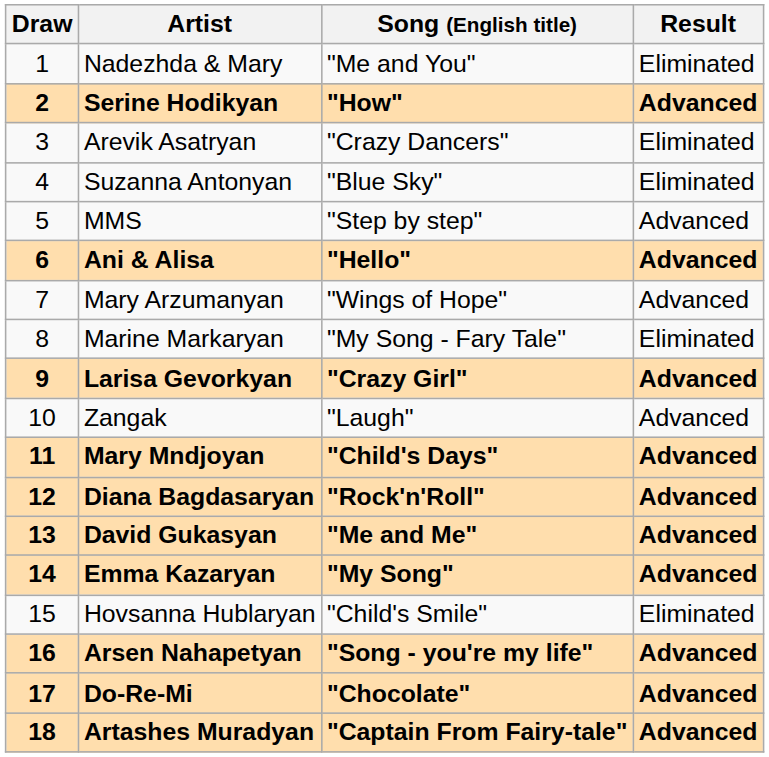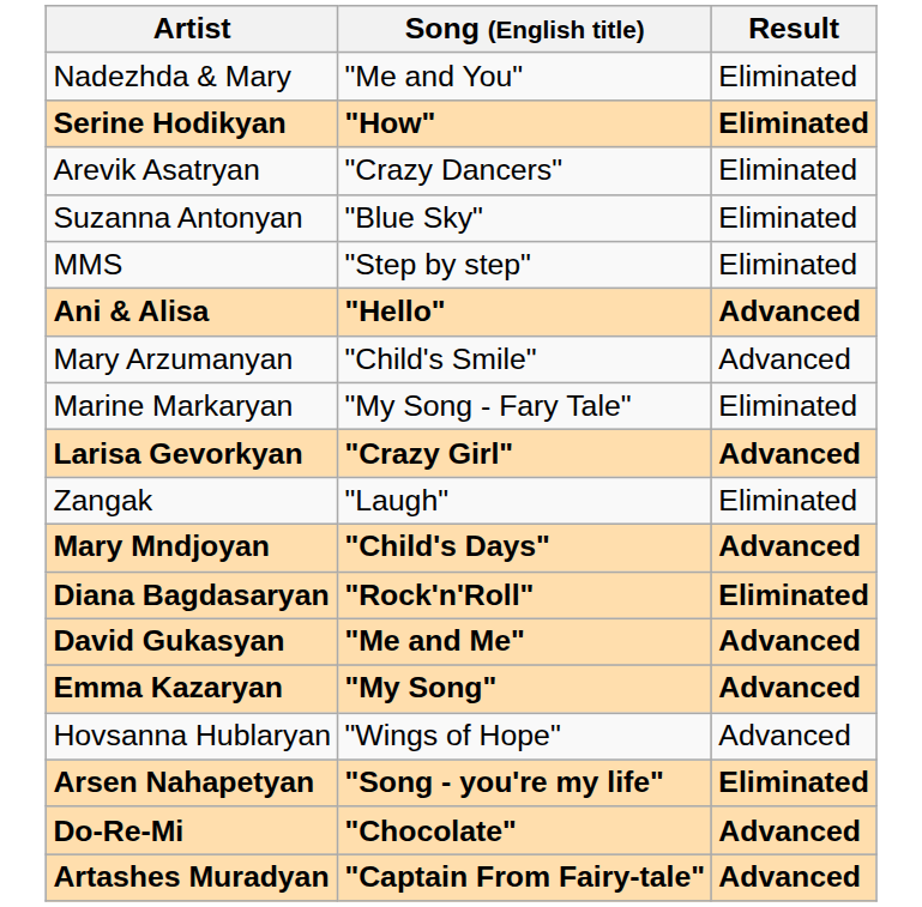 <table class="sortable wikitable" style="margin: 1em auto 1em auto">
 <tr>
-<th>Draw</th>
 <th>Artist</th>
 <th>Song <small>(English title)</small></th>
 <th>Result</th>
 </tr>
 <tr>
-<td style="text-align:center;">1</td>
 <td>Nadezhda & Mary</td>
 <td>"Me and You"</td>
 <td>Eliminated</td>
 </tr>
 <tr style="font-weight:bold;background:navajowhite">
-<td style="text-align:center;">2</td>
 <td>Serine Hodikyan</td>
 <td>"How"</td>
-<td>Advanced</td>
+<td>Eliminated</td>
 </tr>
 <tr>
-<td style="text-align:center;">3</td>
 <td>Arevik Asatryan</td>
 <td>"Crazy Dancers"</td>
 <td>Eliminated</td>
 </tr>
 <tr>
-<td style="text-align:center;">4</td>
 <td>Suzanna Antonyan</td>
 <td>"Blue Sky"</td>
 <td>Eliminated</td>
 </tr>
 <tr>
-<td style="text-align:center;">5</td>
 <td>MMS</td>
 <td>"Step by step"</td>
-<td>Advanced</td>
+<td>Eliminated</td>
 </tr>
 <tr style="font-weight:bold;background:navajowhite">
-<td style="text-align:center;">6</td>
 <td>Ani & Alisa</td>
 <td>"Hello"</td>
 <td>Advanced</td>
 </tr>
 <tr>
-<td style="text-align:center;">7</td>
 <td>Mary Arzumanyan</td>
-<td>"Wings of Hope"</td>
+<td>"Child's Smile"</td>
 <td>Advanced</td>
 </tr>
 <tr>
-<td style="text-align:center;">8</td>
 <td>Marine Markaryan</td>
 <td>"My Song - Fary Tale"</td>
 <td>Eliminated</td>
 </tr>
 <tr style="font-weight:bold;background:navajowhite">
-<td style="text-align:center;">9</td>
 <td>Larisa Gevorkyan</td>
 <td>"Crazy Girl"</td>
 <td>Advanced</td>
 </tr>
 <tr>
-<td style="text-align:center;">10</td>
 <td>Zangak</td>
 <td>"Laugh"</td>
-<td>Advanced</td>
+<td>Eliminated</td>
 </tr>
 <tr style="font-weight:bold;background:navajowhite">
-<td style="text-align:center;">11</td>
 <td>Mary Mndjoyan</td>
 <td>"Child's Days"</td>
 <td>Advanced</td>
 </tr>
 <tr style="font-weight:bold;background:navajowhite">
-<td style="text-align:center;">12</td>
 <td>Diana Bagdasaryan</td>
 <td>"Rock'n'Roll"</td>
-<td>Advanced</td>
+<td>Eliminated</td>
 </tr>
 <tr style="font-weight:bold;background:navajowhite">
-<td style="text-align:center;">13</td>
 <td>David Gukasyan</td>
 <td>"Me and Me"</td>
 <td>Advanced</td>
 </tr>
 <tr style="font-weight:bold;background:navajowhite">
-<td style="text-align:center;">14</td>
 <td>Emma Kazaryan</td>
 <td>"My Song"</td>
 <td>Advanced</td>
 </tr>
 <tr>
-<td style="text-align:center;">15</td>
 <td>Hovsanna Hublaryan</td>
-<td>"Child's Smile"</td>
+<td>"Wings of Hope"</td>
+<td>Advanced</td>
+</tr>
+<tr style="font-weight:bold;background:navajowhite">
+<td>Arsen Nahapetyan</td>
+<td>"Song - you're my life"</td>
 <td>Eliminated</td>
 </tr>
 <tr style="font-weight:bold;background:navajowhite">
-<td style="text-align:center;">16</td>
-<td>Arsen Nahapetyan</td>
-<td>"Song - you're my life"</td>
-<td>Advanced</td>
-</tr>
-<tr style="font-weight:bold;background:navajowhite">
-<td style="text-align:center;">17</td>
 <td>Do-Re-Mi</td>
 <td>"Chocolate"</td>
 <td>Advanced</td>
 </tr>
 <tr style="font-weight:bold;background:navajowhite">
-<td style="text-align:center;">18</td>
 <td>Artashes Muradyan</td>
 <td>"Captain From Fairy-tale"</td>
 <td>Advanced</td>
 </tr>
 </table>
